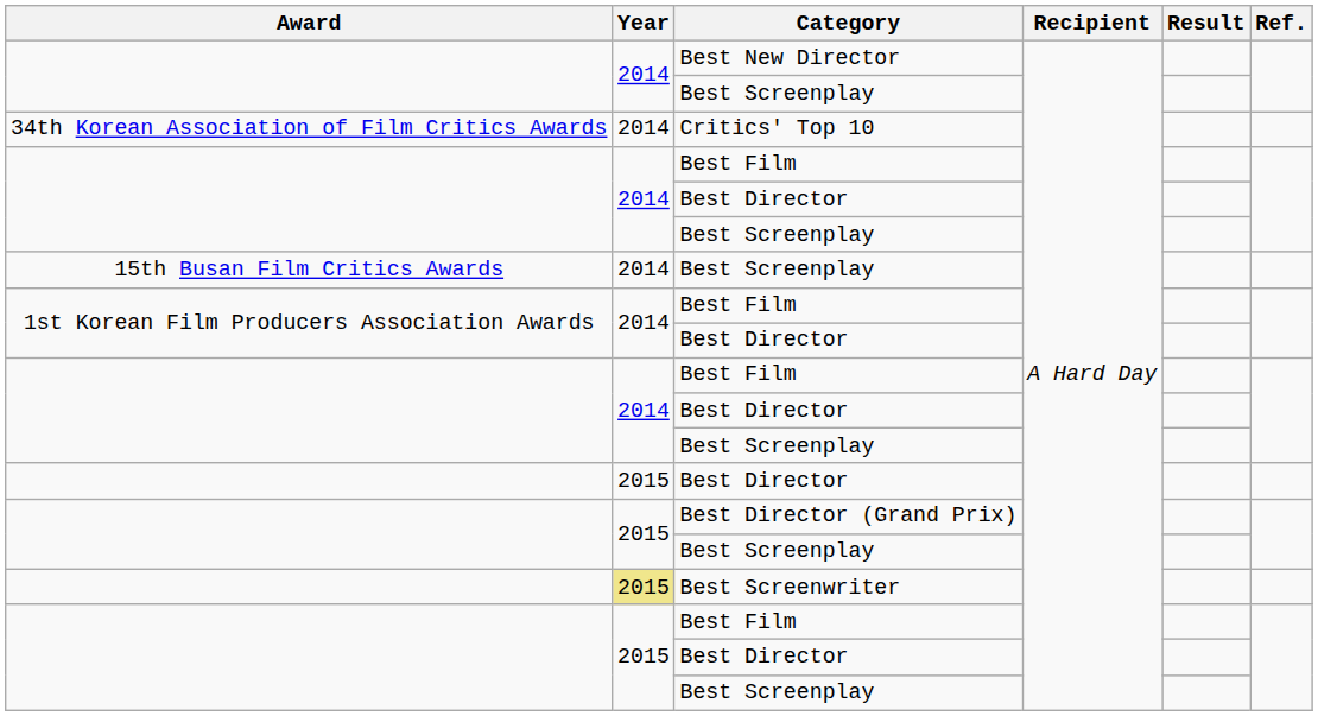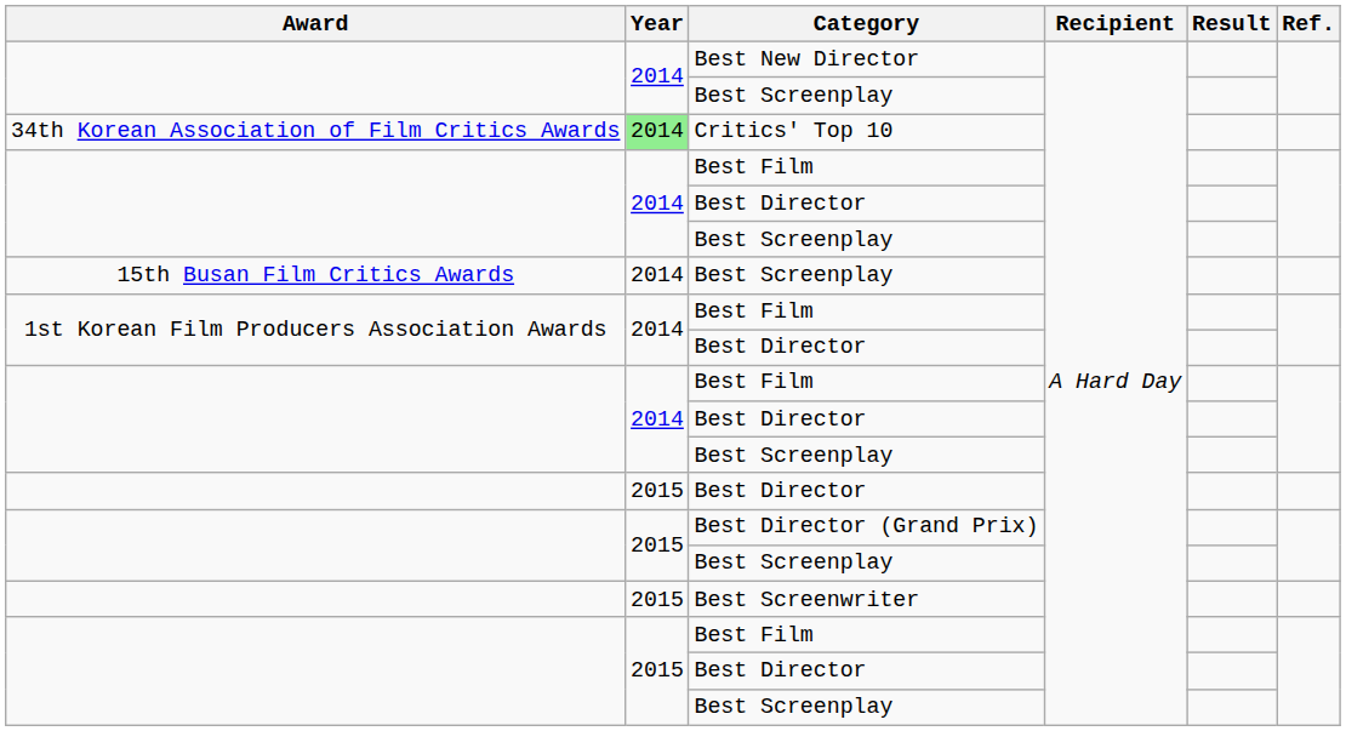 <table class="wikitable sortable">
 <tr>
 <th>Award</th>
 <th>Year</th>
 <th>Category</th>
 <th>Recipient</th>
 <th>Result</th>
 <th>Ref.</th>
 </tr>
 <tr>
 <td rowspan="2"></td>
 <td rowspan="2"><a href='#'>2014</a></td>
 <td>Best New Director</td>
 <td rowspan="19"><em>A Hard Day</em></td>
 <td></td>
 <td rowspan="2"></td>
 </tr>
 <tr>
 <td>Best Screenplay</td>
 <td></td>
 </tr>
 <tr>
 <td>34th <a href='#'>Korean Association of Film Critics Awards</a></td>
-<td>2014</td>
+<td style="background: lightgreen;">2014</td>
 <td>Critics' Top 10</td>
 <td></td>
 <td></td>
 </tr>
 <tr>
 <td rowspan="3"></td>
 <td rowspan="3"><a href='#'>2014</a></td>
 <td>Best Film</td>
 <td></td>
 <td rowspan="3"></td>
 </tr>
 <tr>
 <td>Best Director</td>
 <td></td>
 </tr>
 <tr>
 <td>Best Screenplay</td>
 <td></td>
 </tr>
 <tr>
 <td rowspan="1" style="text-align:center;">15th <a href='#'>Busan Film Critics Awards</a></td>
 <td>2014</td>
 <td>Best Screenplay</td>
 <td></td>
 <td></td>
 </tr>
 <tr>
 <td rowspan="2" style="text-align:center;">1st Korean Film Producers Association Awards</td>
 <td rowspan="2">2014</td>
 <td>Best Film</td>
 <td></td>
 <td rowspan="2"></td>
 </tr>
 <tr>
 <td>Best Director</td>
 <td></td>
 </tr>
 <tr>
 <td rowspan="3"></td>
 <td rowspan="3"><a href='#'>2014</a></td>
 <td>Best Film</td>
 <td></td>
 <td rowspan="3"></td>
 </tr>
 <tr>
 <td>Best Director</td>
 <td></td>
 </tr>
 <tr>
 <td>Best Screenplay</td>
 <td></td>
 </tr>
 <tr>
 <td></td>
 <td>2015</td>
 <td>Best Director</td>
 <td></td>
 <td></td>
 </tr>
 <tr>
 <td rowspan="2"></td>
 <td rowspan="2">2015</td>
 <td>Best Director (Grand Prix)</td>
 <td></td>
 <td rowspan="2"></td>
 </tr>
 <tr>
 <td>Best Screenplay</td>
 <td></td>
 </tr>
 <tr>
 <td></td>
-<td style="background: khaki;">2015</td>
+<td>2015</td>
 <td>Best Screenwriter</td>
 <td></td>
 <td></td>
 </tr>
 <tr>
 <td rowspan="3"></td>
 <td rowspan="3">2015</td>
 <td>Best Film</td>
 <td></td>
 <td rowspan="3"></td>
 </tr>
 <tr>
 <td>Best Director</td>
 <td></td>
 </tr>
 <tr>
 <td>Best Screenplay</td>
 <td></td>
 </tr>
 </table>
